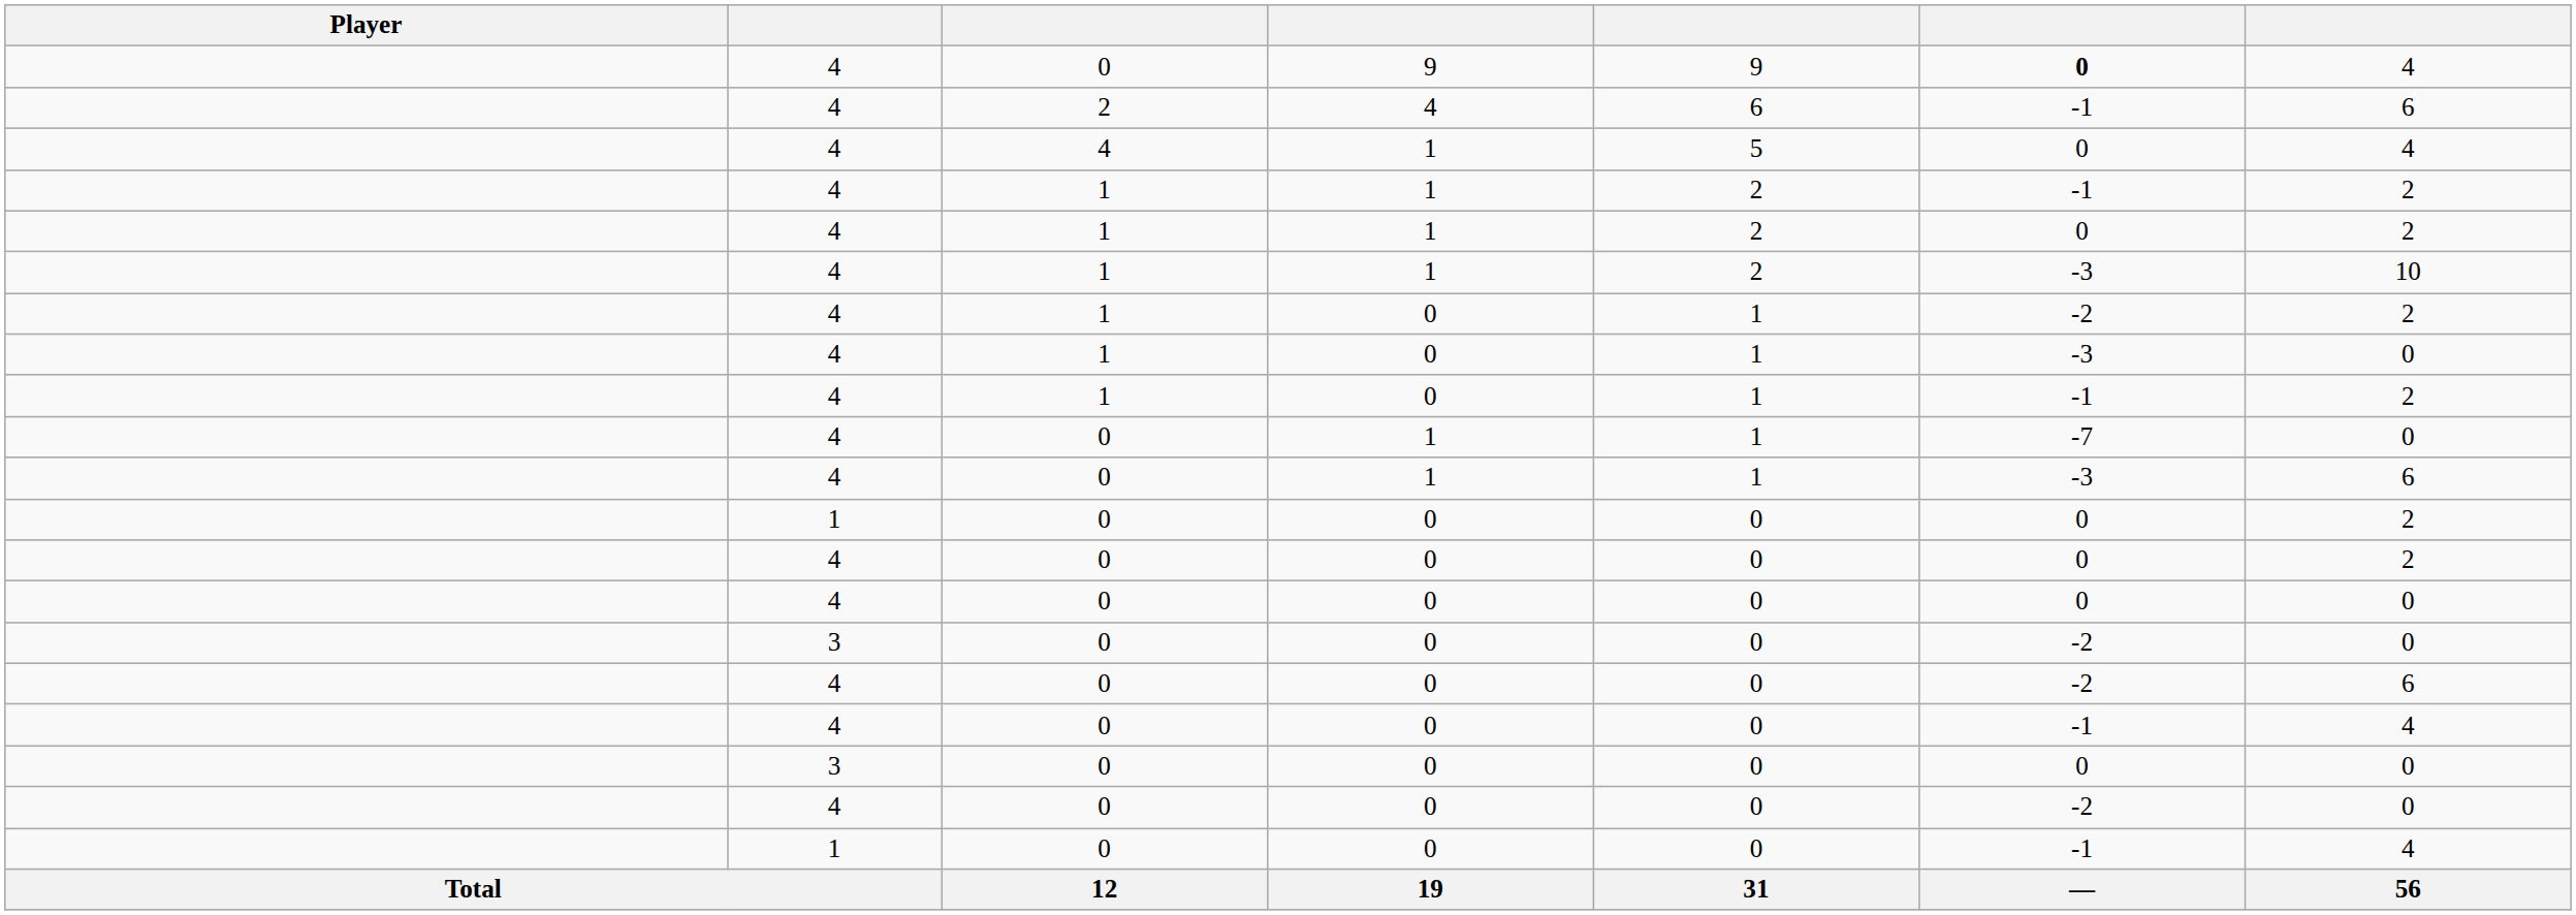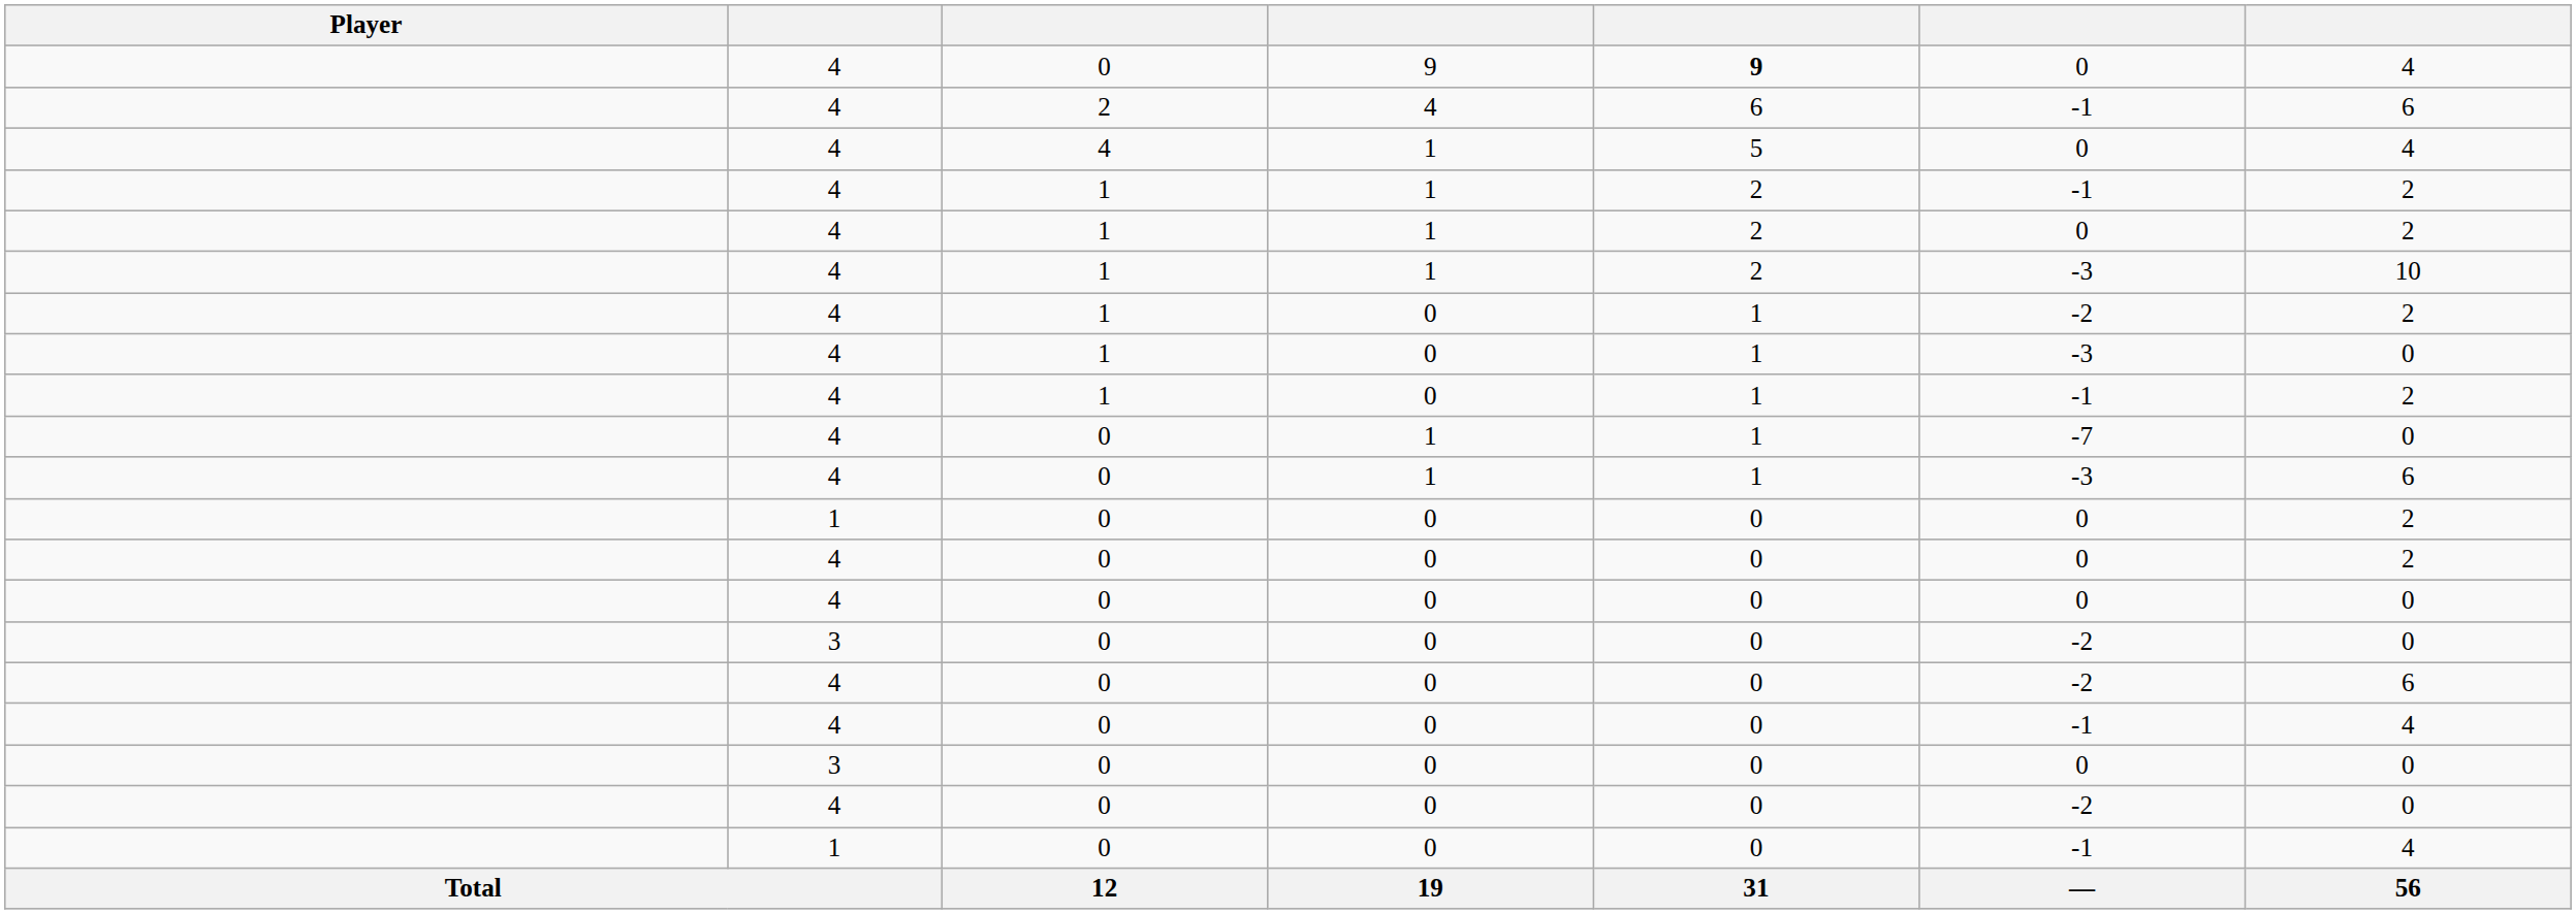 <table class="wikitable sortable" style="width:100%;">
 <tr align=center>
 <th>Player</th>
 <th></th>
 <th></th>
 <th></th>
 <th></th>
 <th data-sort-type="number"></th>
 <th></th>
 </tr>
 <tr align=center>
 <td></td>
 <td>4</td>
 <td>0</td>
 <td>9</td>
-<td>9</td>
-<td><strong>0</strong></td>
+<td><strong>9</strong></td>
+<td>0</td>
 <td>4</td>
 </tr>
 <tr align=center>
 <td></td>
 <td>4</td>
 <td>2</td>
 <td>4</td>
 <td>6</td>
 <td>-1</td>
 <td>6</td>
 </tr>
 <tr align=center>
 <td></td>
 <td>4</td>
 <td>4</td>
 <td>1</td>
 <td>5</td>
 <td>0</td>
 <td>4</td>
 </tr>
 <tr align=center>
 <td></td>
 <td>4</td>
 <td>1</td>
 <td>1</td>
 <td>2</td>
 <td>-1</td>
 <td>2</td>
 </tr>
 <tr align=center>
 <td></td>
 <td>4</td>
 <td>1</td>
 <td>1</td>
 <td>2</td>
 <td>0</td>
 <td>2</td>
 </tr>
 <tr align=center>
 <td></td>
 <td>4</td>
 <td>1</td>
 <td>1</td>
 <td>2</td>
 <td>-3</td>
 <td>10</td>
 </tr>
 <tr align=center>
 <td></td>
 <td>4</td>
 <td>1</td>
 <td>0</td>
 <td>1</td>
 <td>-2</td>
 <td>2</td>
 </tr>
 <tr align=center>
 <td></td>
 <td>4</td>
 <td>1</td>
 <td>0</td>
 <td>1</td>
 <td>-3</td>
 <td>0</td>
 </tr>
 <tr align=center>
 <td></td>
 <td>4</td>
 <td>1</td>
 <td>0</td>
 <td>1</td>
 <td>-1</td>
 <td>2</td>
 </tr>
 <tr align=center>
 <td></td>
 <td>4</td>
 <td>0</td>
 <td>1</td>
 <td>1</td>
 <td>-7</td>
 <td>0</td>
 </tr>
 <tr align=center>
 <td></td>
 <td>4</td>
 <td>0</td>
 <td>1</td>
 <td>1</td>
 <td>-3</td>
 <td>6</td>
 </tr>
 <tr align=center>
 <td></td>
 <td>1</td>
 <td>0</td>
 <td>0</td>
 <td>0</td>
 <td>0</td>
 <td>2</td>
 </tr>
 <tr align=center>
 <td></td>
 <td>4</td>
 <td>0</td>
 <td>0</td>
 <td>0</td>
 <td>0</td>
 <td>2</td>
 </tr>
 <tr align=center>
 <td></td>
 <td>4</td>
 <td>0</td>
 <td>0</td>
 <td>0</td>
 <td>0</td>
 <td>0</td>
 </tr>
 <tr align=center>
 <td></td>
 <td>3</td>
 <td>0</td>
 <td>0</td>
 <td>0</td>
 <td>-2</td>
 <td>0</td>
 </tr>
 <tr align=center>
 <td></td>
 <td>4</td>
 <td>0</td>
 <td>0</td>
 <td>0</td>
 <td>-2</td>
 <td>6</td>
 </tr>
 <tr align=center>
 <td></td>
 <td>4</td>
 <td>0</td>
 <td>0</td>
 <td>0</td>
 <td>-1</td>
 <td>4</td>
 </tr>
 <tr align=center>
 <td></td>
 <td>3</td>
 <td>0</td>
 <td>0</td>
 <td>0</td>
 <td>0</td>
 <td>0</td>
 </tr>
 <tr align=center>
 <td></td>
 <td>4</td>
 <td>0</td>
 <td>0</td>
 <td>0</td>
 <td>-2</td>
 <td>0</td>
 </tr>
 <tr align=center>
 <td></td>
 <td>1</td>
 <td>0</td>
 <td>0</td>
 <td>0</td>
 <td>-1</td>
 <td>4</td>
 </tr>
 <tr class="sortbotom">
 <th colspan=2>Total</th>
 <th>12</th>
 <th>19</th>
 <th>31</th>
 <th>—</th>
 <th>56</th>
 </tr>
 </table>
